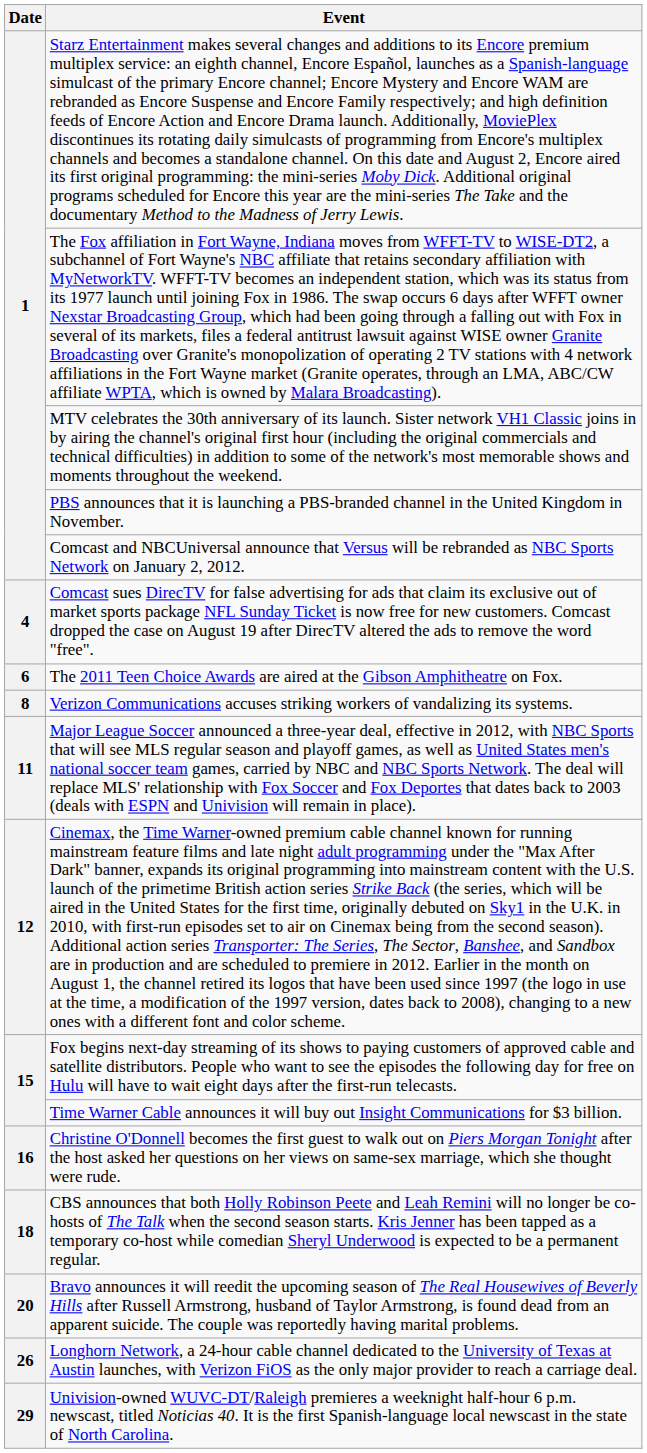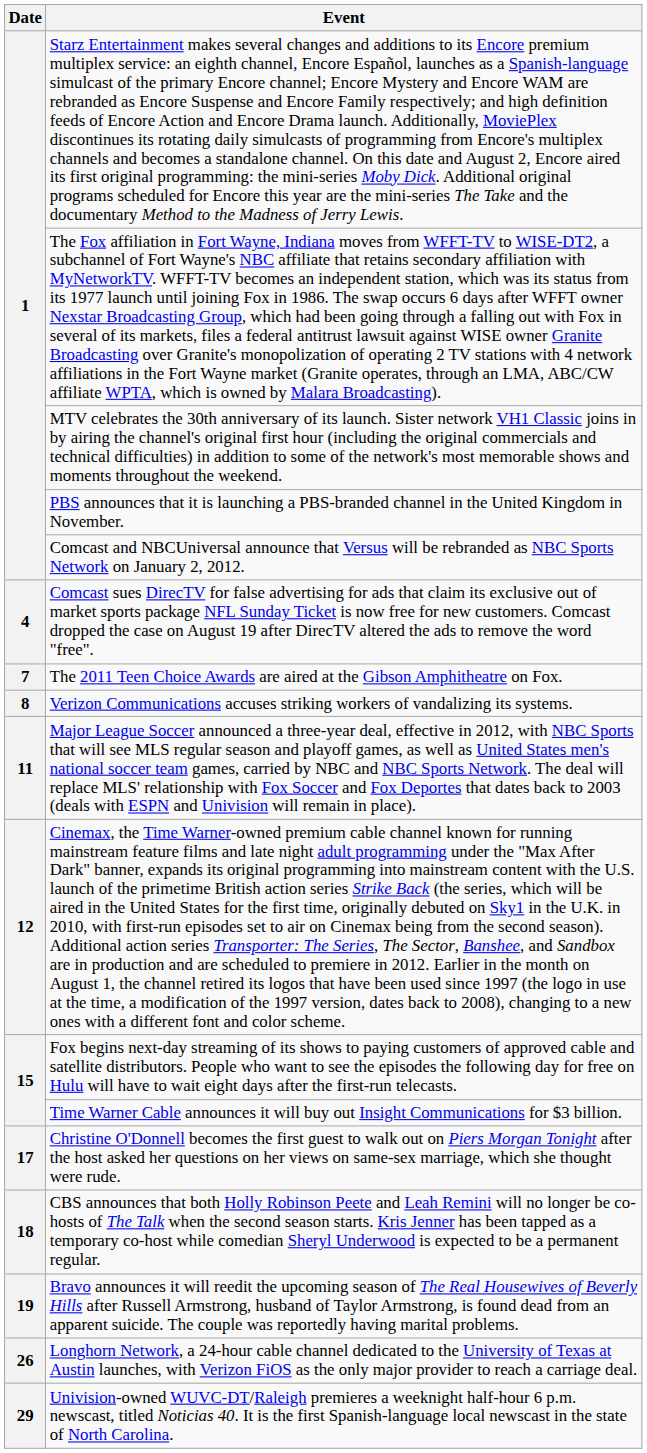 <table class="wikitable">
 <tr>
 <th>Date</th>
 <th>Event</th>
 </tr>
 <tr>
 <th rowspan="5">1</th>
 <td><a href='#'>Starz Entertainment</a> makes several changes and additions to its <a href='#'>Encore</a> premium multiplex service: an eighth channel, Encore Español, launches as a <a href='#'>Spanish-language</a> simulcast of the primary Encore channel; Encore Mystery and Encore WAM are rebranded as Encore Suspense and Encore Family respectively; and high definition feeds of Encore Action and Encore Drama launch. Additionally, <a href='#'>MoviePlex</a> discontinues its rotating daily simulcasts of programming from Encore's multiplex channels and becomes a standalone channel. On this date and August 2, Encore aired its first original programming: the mini-series <em><a href='#'>Moby Dick</a></em>. Additional original programs scheduled for Encore this year are the mini-series <em>The Take</em> and the documentary <em>Method to the Madness of Jerry Lewis</em>.</td>
 </tr>
 <tr>
 <td>The <a href='#'>Fox</a> affiliation in <a href='#'>Fort Wayne, Indiana</a> moves from <a href='#'>WFFT-TV</a> to <a href='#'>WISE-DT2</a>, a subchannel of Fort Wayne's <a href='#'>NBC</a> affiliate that retains secondary affiliation with <a href='#'>MyNetworkTV</a>. WFFT-TV becomes an independent station, which was its status from its 1977 launch until joining Fox in 1986.  The swap occurs 6 days after WFFT owner <a href='#'>Nexstar Broadcasting Group</a>, which had been going through a falling out with Fox in several of its markets, files a federal antitrust lawsuit against WISE owner <a href='#'>Granite Broadcasting</a> over Granite's monopolization of operating 2 TV stations with 4 network affiliations in the Fort Wayne market (Granite operates, through an LMA, ABC/CW affiliate <a href='#'>WPTA</a>, which is owned by <a href='#'>Malara Broadcasting</a>).</td>
 </tr>
 <tr>
 <td>MTV celebrates the 30th anniversary of its launch. Sister network <a href='#'>VH1 Classic</a> joins in by airing the channel's original first hour (including the original commercials and technical difficulties) in addition to some of the network's most memorable shows and moments throughout the weekend.</td>
 </tr>
 <tr>
 <td><a href='#'>PBS</a> announces that it is launching a PBS-branded channel in the United Kingdom in November.</td>
 </tr>
 <tr>
 <td>Comcast and NBCUniversal announce that <a href='#'>Versus</a> will be rebranded as <a href='#'>NBC Sports Network</a> on January 2, 2012.</td>
 </tr>
 <tr>
 <th>4</th>
 <td><a href='#'>Comcast</a> sues <a href='#'>DirecTV</a> for false advertising for ads that claim its exclusive out of market sports package <a href='#'>NFL Sunday Ticket</a> is now free for new customers. Comcast dropped the case on August 19 after DirecTV altered the ads to remove the word "free".</td>
 </tr>
 <tr>
-<th>6</th>
+<th>7</th>
 <td>The <a href='#'>2011 Teen Choice Awards</a> are aired at the <a href='#'>Gibson Amphitheatre</a> on Fox.</td>
 </tr>
 <tr>
 <th>8</th>
 <td><a href='#'>Verizon Communications</a> accuses striking workers of vandalizing its systems.</td>
 </tr>
 <tr>
 <th>11</th>
 <td><a href='#'>Major League Soccer</a> announced a three-year deal, effective in 2012, with <a href='#'>NBC Sports</a> that will see MLS regular season and playoff games, as well as <a href='#'>United States men's national soccer team</a> games, carried by NBC and <a href='#'>NBC Sports Network</a>. The deal will replace MLS' relationship with <a href='#'>Fox Soccer</a> and <a href='#'>Fox Deportes</a> that dates back to 2003 (deals with <a href='#'>ESPN</a> and <a href='#'>Univision</a> will remain in place).</td>
 </tr>
 <tr>
 <th>12</th>
 <td><a href='#'>Cinemax</a>, the <a href='#'>Time Warner</a>-owned premium cable channel known for running mainstream feature films and late night <a href='#'>adult programming</a> under the "Max After Dark" banner, expands its original programming into mainstream content with the U.S. launch of the primetime British action series <em><a href='#'>Strike Back</a></em> (the series, which will be aired in the United States for the first time, originally debuted on <a href='#'>Sky1</a> in the U.K. in 2010, with first-run episodes set to air on Cinemax being from the second season). Additional action series <em><a href='#'>Transporter: The Series</a></em>, <em>The Sector</em>, <em><a href='#'>Banshee</a></em>, and <em>Sandbox</em> are in production and are scheduled to premiere in 2012. Earlier in the month on August 1, the channel retired its logos that have been used since 1997 (the logo in use at the time, a modification of the 1997 version, dates back to 2008), changing to a new ones with a different font and color scheme.</td>
 </tr>
 <tr>
 <th rowspan="2">15</th>
 <td>Fox begins next-day streaming of its shows to paying customers of approved cable and satellite distributors. People who want to see the episodes the following day for free on <a href='#'>Hulu</a> will have to wait eight days after the first-run telecasts.</td>
 </tr>
 <tr>
 <td><a href='#'>Time Warner Cable</a> announces it will buy out <a href='#'>Insight Communications</a> for $3 billion.</td>
 </tr>
 <tr>
-<th>16</th>
+<th>17</th>
 <td><a href='#'>Christine O'Donnell</a> becomes the first guest to walk out on <em><a href='#'>Piers Morgan Tonight</a></em> after the host asked her questions on her views on same-sex marriage, which she thought were rude.</td>
 </tr>
 <tr>
 <th>18</th>
 <td>CBS announces that both <a href='#'>Holly Robinson Peete</a> and <a href='#'>Leah Remini</a> will no longer be co-hosts of <em><a href='#'>The Talk</a></em> when the second season starts. <a href='#'>Kris Jenner</a> has been tapped as a temporary co-host while comedian <a href='#'>Sheryl Underwood</a> is expected to be a permanent regular.</td>
 </tr>
 <tr>
-<th>20</th>
+<th>19</th>
 <td><a href='#'>Bravo</a> announces it will reedit the upcoming season of <em><a href='#'>The Real Housewives of Beverly Hills</a></em> after Russell Armstrong, husband of Taylor Armstrong, is found dead from an apparent suicide. The couple was reportedly having marital problems.</td>
 </tr>
 <tr>
 <th>26</th>
 <td><a href='#'>Longhorn Network</a>, a 24-hour cable channel dedicated to the <a href='#'>University of Texas at Austin</a> launches, with <a href='#'>Verizon FiOS</a> as the only major provider to reach a carriage deal.</td>
 </tr>
 <tr>
 <th>29</th>
 <td><a href='#'>Univision</a>-owned <a href='#'>WUVC-DT</a>/<a href='#'>Raleigh</a> premieres a weeknight half-hour 6 p.m. newscast, titled <em>Noticias 40</em>. It is the first Spanish-language local newscast in the state of <a href='#'>North Carolina</a>.</td>
 </tr>
 </table>
